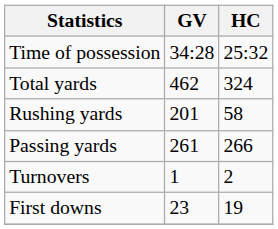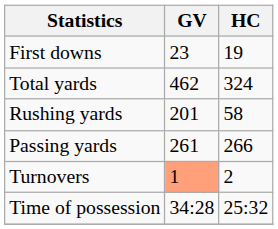 <table class="wikitable" style="float: left;">
 <tr>
 <th>Statistics</th>
 <th>GV</th>
 <th>HC</th>
 </tr>
 <tr>
-<td>Time of possession</td>
-<td>34:28</td>
-<td>25:32</td>
+<td>First downs</td>
+<td>23</td>
+<td>19</td>
 </tr>
 <tr>
 <td>Total yards</td>
 <td>462</td>
 <td>324</td>
 </tr>
 <tr>
 <td>Rushing yards</td>
 <td>201</td>
 <td>58</td>
 </tr>
 <tr>
 <td>Passing yards</td>
 <td>261</td>
 <td>266</td>
 </tr>
 <tr>
 <td>Turnovers</td>
-<td>1</td>
+<td style="background: lightsalmon;">1</td>
 <td>2</td>
 </tr>
 <tr>
-<td>First downs</td>
-<td>23</td>
-<td>19</td>
+<td>Time of possession</td>
+<td>34:28</td>
+<td>25:32</td>
 </tr>
 <tr>
 </tr>
 </table>
